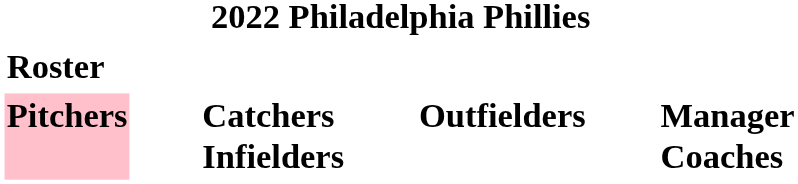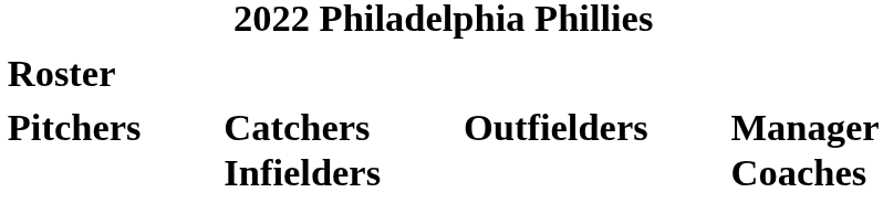 <table class="toccolours" style="font-size: 95%;">
 <tr>
 <th colspan="10"><strong>2022 Philadelphia Phillies</strong></th>
 </tr>
 <tr>
 <td colspan="7"><strong>Roster</strong></td>
 </tr>
 <tr>
-<td valign="top" style="background: pink;"><strong>Pitchers</strong><br>                             </td>
+<td valign="top"><strong>Pitchers</strong><br>                             </td>
 <td style="width:25px;"></td>
 <td valign="top"><strong>Catchers</strong><br>   <strong>Infielders</strong>          </td>
 <td style="width:25px;"></td>
 <td valign="top"><strong>Outfielders</strong><br>            </td>
 <td style="width:25px;"></td>
 <td valign="top"><strong>Manager</strong><br>  <strong>Coaches</strong>                              </td>
 </tr>
 </table>
